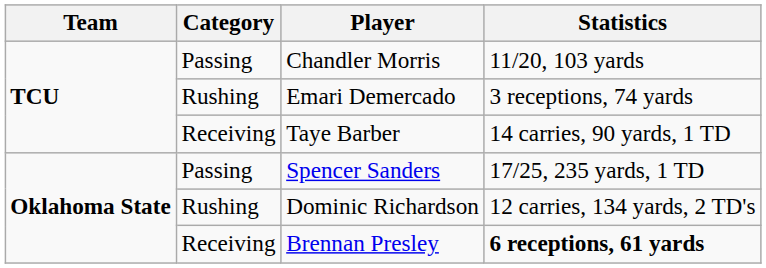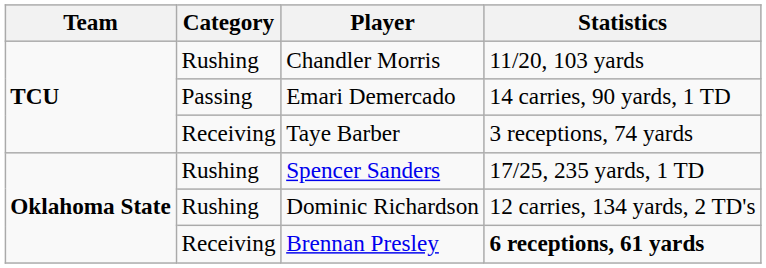 <table class="wikitable" style="float: right;">
 <tr>
 <th>Team</th>
 <th>Category</th>
 <th>Player</th>
 <th>Statistics</th>
 </tr>
 <tr>
 <td rowspan=3><strong>TCU</strong></td>
-<td>Passing</td>
+<td>Rushing</td>
 <td>Chandler Morris</td>
 <td>11/20, 103 yards</td>
 </tr>
 <tr>
-<td>Rushing</td>
+<td>Passing</td>
 <td>Emari Demercado</td>
-<td>3 receptions, 74 yards</td>
+<td>14 carries, 90 yards, 1 TD</td>
 </tr>
 <tr>
 <td>Receiving</td>
 <td>Taye Barber</td>
-<td>14 carries, 90 yards, 1 TD</td>
+<td>3 receptions, 74 yards</td>
 </tr>
 <tr>
 <td rowspan=3><strong>Oklahoma State</strong></td>
-<td>Passing</td>
+<td>Rushing</td>
 <td><a href='#'>Spencer Sanders</a></td>
 <td>17/25, 235 yards, 1 TD</td>
 </tr>
 <tr>
 <td>Rushing</td>
 <td>Dominic Richardson</td>
 <td>12 carries, 134 yards, 2 TD's</td>
 </tr>
 <tr>
 <td>Receiving</td>
 <td><a href='#'>Brennan Presley</a></td>
 <td><strong>6 receptions, 61 yards</strong></td>
 </tr>
 </table>
